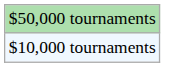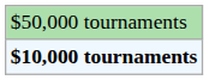 <table class="wikitable" style="font-size:85%">
 <tr style="background:#addfad;">
 <td>$50,000 tournaments</td>
 </tr>
 <tr style="background:#f0f8ff;">
-<td>$10,000 tournaments</td>
+<td><strong>$10,000 tournaments</strong></td>
 </tr>
 </table>
